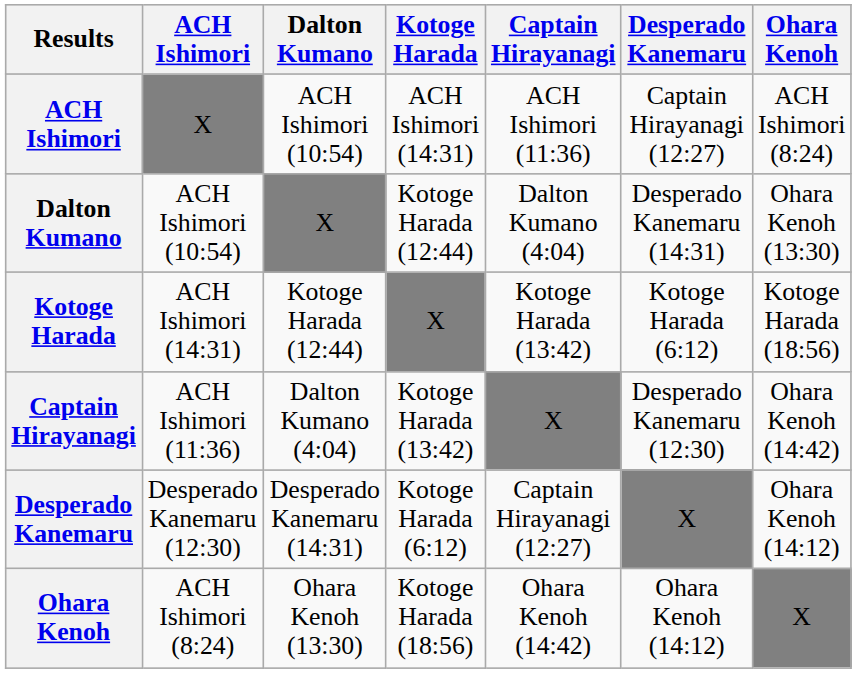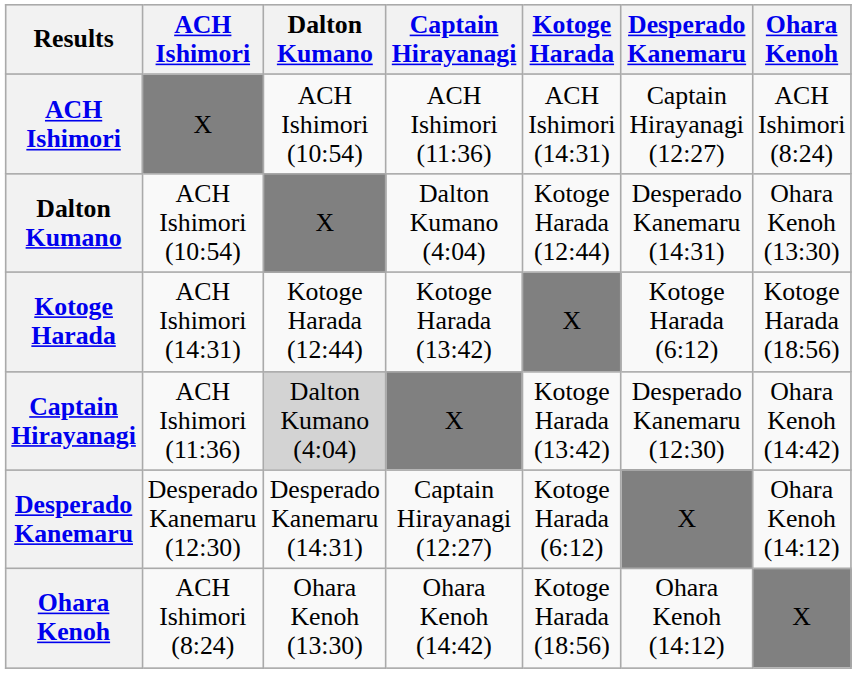 <table class="wikitable" style="text-align:center; margin: 1em auto 1em auto">
 <tr align="center">
 <th>Results</th>
 <th><a href='#'>ACH</a><br><a href='#'>Ishimori</a></th>
 <th>Dalton<br><a href='#'>Kumano</a></th>
+<th><a href='#'>Captain</a><br><a href='#'>Hirayanagi</a></th>
 <th><a href='#'>Kotoge</a><br><a href='#'>Harada</a></th>
-<th><a href='#'>Captain</a><br><a href='#'>Hirayanagi</a></th>
 <th><a href='#'>Desperado</a><br><a href='#'>Kanemaru</a></th>
 <th><a href='#'>Ohara</a><br><a href='#'>Kenoh</a></th>
 </tr>
 <tr align="center">
 <th><a href='#'>ACH</a><br><a href='#'>Ishimori</a></th>
 <td bgcolor=grey>X</td>
 <td>ACH<br>Ishimori<br>(10:54)</td>
+<td>ACH<br>Ishimori<br>(11:36)</td>
 <td>ACH<br>Ishimori<br>(14:31)</td>
-<td>ACH<br>Ishimori<br>(11:36)</td>
 <td>Captain<br>Hirayanagi<br>(12:27)</td>
 <td>ACH<br>Ishimori<br>(8:24)</td>
 </tr>
 <tr align="center">
 <th>Dalton<br><a href='#'>Kumano</a></th>
 <td>ACH<br>Ishimori<br>(10:54)</td>
 <td bgcolor=grey>X</td>
+<td>Dalton<br>Kumano<br>(4:04)</td>
 <td>Kotoge<br>Harada<br>(12:44)</td>
-<td>Dalton<br>Kumano<br>(4:04)</td>
 <td>Desperado<br>Kanemaru<br>(14:31)</td>
 <td>Ohara<br>Kenoh<br>(13:30)</td>
 </tr>
 <tr align="center">
 <th><a href='#'>Kotoge</a><br><a href='#'>Harada</a></th>
 <td>ACH<br>Ishimori<br>(14:31)</td>
 <td>Kotoge<br>Harada<br>(12:44)</td>
+<td>Kotoge<br>Harada<br>(13:42)</td>
 <td bgcolor=grey>X</td>
-<td>Kotoge<br>Harada<br>(13:42)</td>
 <td>Kotoge<br>Harada<br>(6:12)</td>
 <td>Kotoge<br>Harada<br>(18:56)</td>
 </tr>
 <tr align="center">
 <th><a href='#'>Captain</a><br><a href='#'>Hirayanagi</a></th>
 <td>ACH<br>Ishimori<br>(11:36)</td>
-<td>Dalton<br>Kumano<br>(4:04)</td>
+<td style="background: lightgrey;">Dalton<br>Kumano<br>(4:04)</td>
+<td bgcolor=grey>X</td>
 <td>Kotoge<br>Harada<br>(13:42)</td>
-<td bgcolor=grey>X</td>
 <td>Desperado<br>Kanemaru<br>(12:30)</td>
 <td>Ohara<br>Kenoh<br>(14:42)</td>
 </tr>
 <tr align="center">
 <th><a href='#'>Desperado</a><br><a href='#'>Kanemaru</a></th>
 <td>Desperado<br>Kanemaru<br>(12:30)</td>
 <td>Desperado<br>Kanemaru<br>(14:31)</td>
+<td>Captain<br>Hirayanagi<br>(12:27)</td>
 <td>Kotoge<br>Harada<br>(6:12)</td>
-<td>Captain<br>Hirayanagi<br>(12:27)</td>
 <td bgcolor=grey>X</td>
 <td>Ohara<br>Kenoh<br>(14:12)</td>
 </tr>
 <tr align="center">
 <th><a href='#'>Ohara</a><br><a href='#'>Kenoh</a></th>
 <td>ACH<br>Ishimori<br>(8:24)</td>
 <td>Ohara<br>Kenoh<br>(13:30)</td>
+<td>Ohara<br>Kenoh<br>(14:42)</td>
 <td>Kotoge<br>Harada<br>(18:56)</td>
-<td>Ohara<br>Kenoh<br>(14:42)</td>
 <td>Ohara<br>Kenoh<br>(14:12)</td>
 <td bgcolor=grey>X</td>
 </tr>
 </table>
